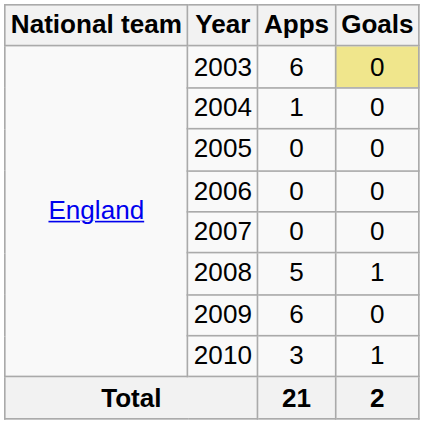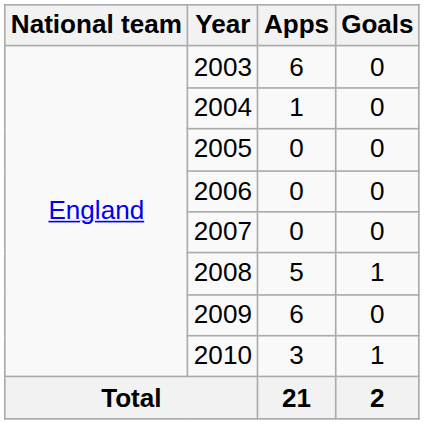 <table class=wikitable style="text-align: center;">
 <tr>
 <th>National team</th>
 <th>Year</th>
 <th>Apps</th>
 <th>Goals</th>
 </tr>
 <tr>
 <td rowspan="8"><a href='#'>England</a></td>
 <td>2003</td>
 <td>6</td>
-<td style="background: khaki;">0</td>
+<td>0</td>
 </tr>
 <tr>
 <td>2004</td>
 <td>1</td>
 <td>0</td>
 </tr>
 <tr>
 <td>2005</td>
 <td>0</td>
 <td>0</td>
 </tr>
 <tr>
 <td>2006</td>
 <td>0</td>
 <td>0</td>
 </tr>
 <tr>
 <td>2007</td>
 <td>0</td>
 <td>0</td>
 </tr>
 <tr>
 <td>2008</td>
 <td>5</td>
 <td>1</td>
 </tr>
 <tr>
 <td>2009</td>
 <td>6</td>
 <td>0</td>
 </tr>
 <tr>
 <td>2010</td>
 <td>3</td>
 <td>1</td>
 </tr>
 <tr>
 <th colspan=2>Total</th>
 <th>21</th>
 <th>2</th>
 </tr>
 </table>
